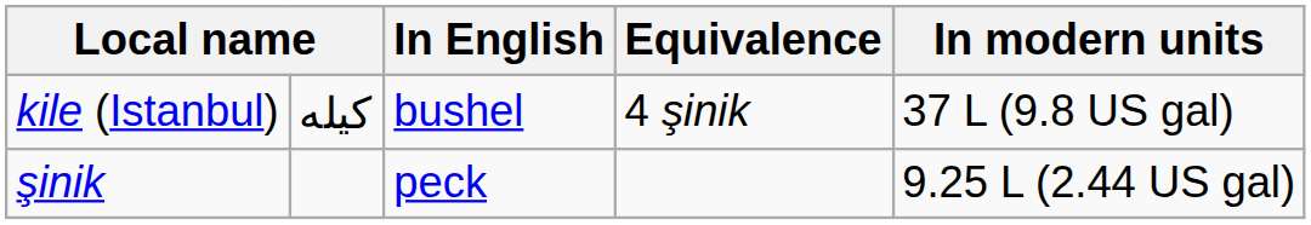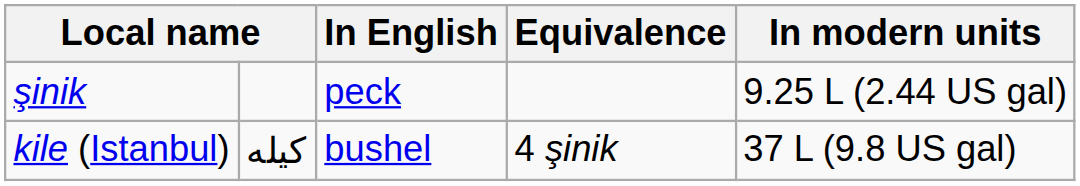 <table class="wikitable">
 <tr>
 <th colspan="2">Local name</th>
 <th>In English</th>
 <th>Equivalence</th>
 <th>In modern units</th>
 </tr>
 <tr>
+<td><em><a href='#'>şinik</a></em></td>
+<td></td>
+<td><a href='#'>peck</a></td>
+<td></td>
+<td>9.25 L (2.44 US gal)</td>
+</tr>
+<tr>
 <td><em><a href='#'>kile</a></em> (<a href='#'>Istanbul</a>)</td>
 <td>كيله‎</td>
 <td><a href='#'>bushel</a></td>
 <td>4 <em>şinik</em></td>
 <td>37 L (9.8 US gal)</td>
 </tr>
-<tr>
-<td><em><a href='#'>şinik</a></em></td>
-<td></td>
-<td><a href='#'>peck</a></td>
-<td></td>
-<td>9.25 L (2.44 US gal)</td>
-</tr>
 </table>
